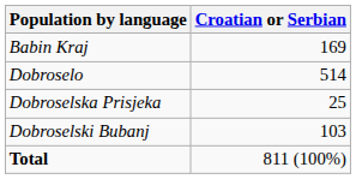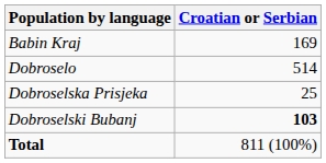 <table class="wikitable sortable">
 <tr>
 <th>Population by language</th>
 <th><a href='#'>Croatian</a> or <a href='#'>Serbian</a></th>
 </tr>
 <tr>
 <td><em>Babin Kraj</em></td>
 <td align="right">169</td>
 </tr>
 <tr>
 <td><em>Dobroselo</em></td>
 <td align="right">514</td>
 </tr>
 <tr>
 <td><em>Dobroselska Prisjeka</em></td>
 <td align="right">25</td>
 </tr>
 <tr>
 <td><em>Dobroselski Bubanj</em></td>
-<td align="right">103</td>
+<td align="right"><strong>103</strong></td>
 </tr>
 <tr>
 <td><strong>Total</strong></td>
 <td align="right">811 (100%)</td>
 </tr>
 </table>
